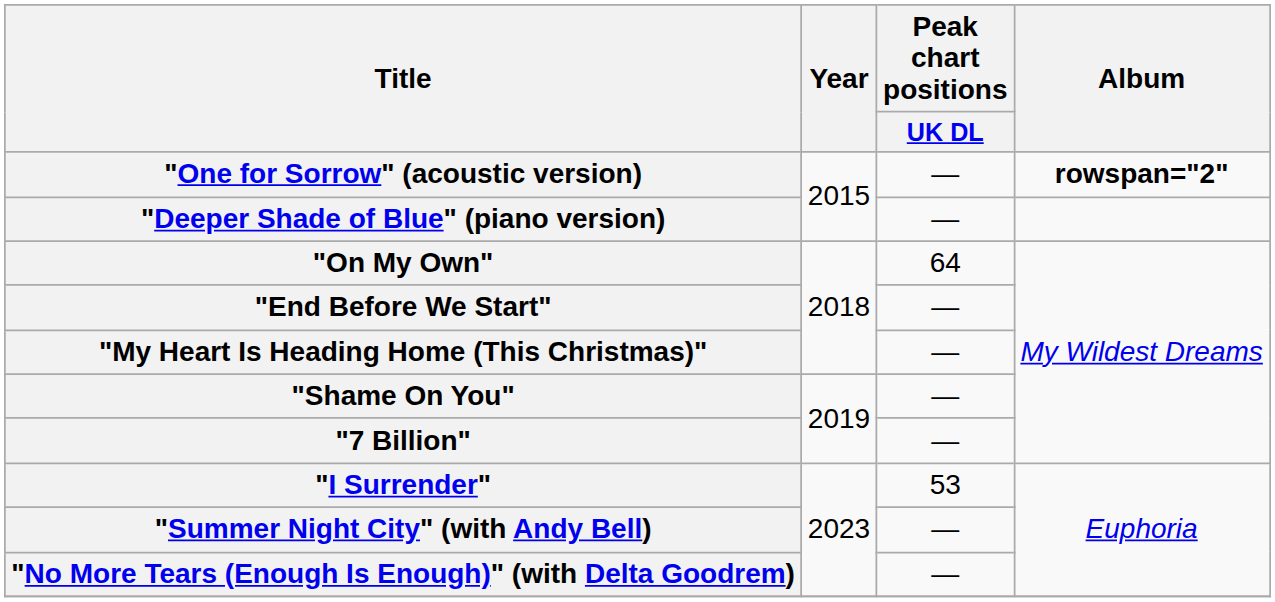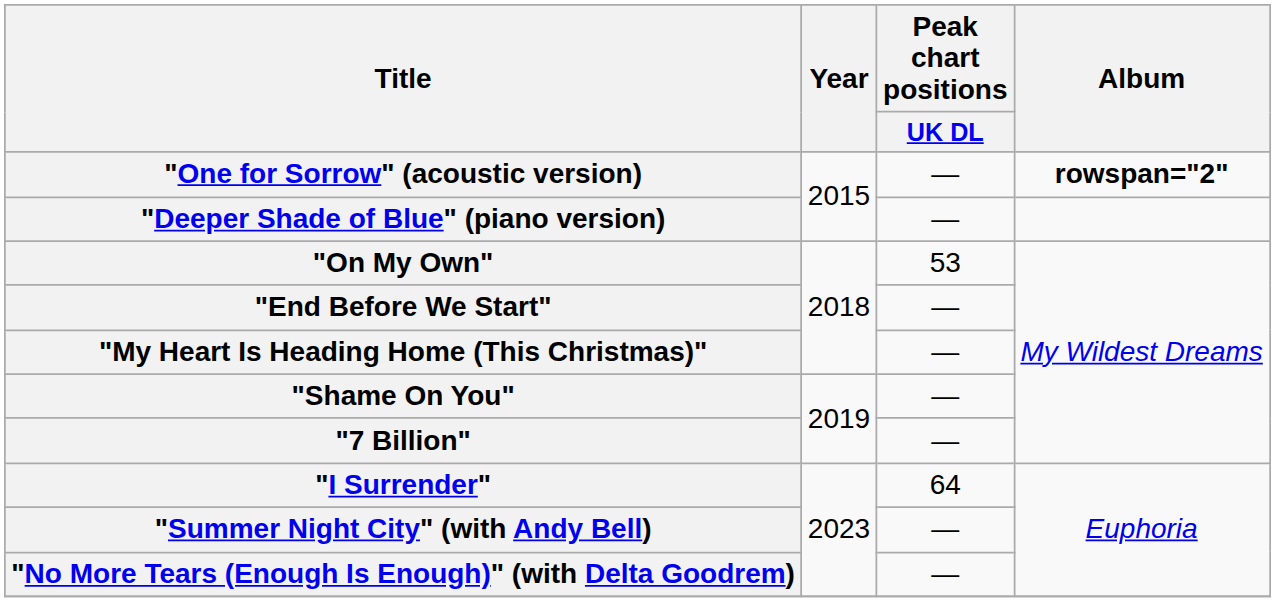 <table class="wikitable plainrowheaders" style="text-align:center;">
 <tr>
 <th scope="col" rowspan="2">Title</th>
 <th scope="col" rowspan="2">Year</th>
 <th scope="col" colspan="1">Peak chart positions</th>
 <th scope="col" rowspan="2">Album</th>
 </tr>
 <tr>
 <th scope="col" style="width:2.5em;font-size:90%;"><a href='#'>UK DL</a><br></th>
 </tr>
 <tr>
 <th scope="row">"<a href='#'>One for Sorrow</a>" <span>(acoustic version)</span></th>
 <td rowspan="2">2015</td>
 <td>—</td>
 <td><strong>rowspan="2" </strong></td>
 </tr>
 <tr>
 <th scope="row">"<a href='#'>Deeper Shade of Blue</a>" <span>(piano version)</span></th>
 <td>—</td>
 </tr>
 <tr>
 <th scope="row">"On My Own"</th>
 <td rowspan="3">2018</td>
-<td>64</td>
+<td>53</td>
 <td rowspan="5"><em><a href='#'>My Wildest Dreams</a></em></td>
 </tr>
 <tr>
 <th scope="row">"End Before We Start"</th>
 <td>—</td>
 </tr>
 <tr>
 <th scope="row">"My Heart Is Heading Home (This Christmas)"</th>
 <td>—</td>
 </tr>
 <tr>
 <th scope="row">"Shame On You"</th>
 <td rowspan="2">2019</td>
 <td>—</td>
 </tr>
 <tr>
 <th scope="row">"7 Billion"</th>
 <td>—</td>
 </tr>
 <tr>
 <th scope="row">"<a href='#'>I Surrender</a>"</th>
 <td rowspan="3">2023</td>
-<td>53</td>
+<td>64</td>
 <td rowspan="3"><em><a href='#'>Euphoria</a></em></td>
 </tr>
 <tr>
 <th scope="row">"<a href='#'>Summer Night City</a>" <span>(with <a href='#'>Andy Bell</a>)</span></th>
 <td>—</td>
 </tr>
 <tr>
 <th scope="row">"<a href='#'>No More Tears (Enough Is Enough)</a>" <span>(with <a href='#'>Delta Goodrem</a>)</span></th>
 <td>—</td>
 </tr>
 <tr>
 </tr>
 </table>
